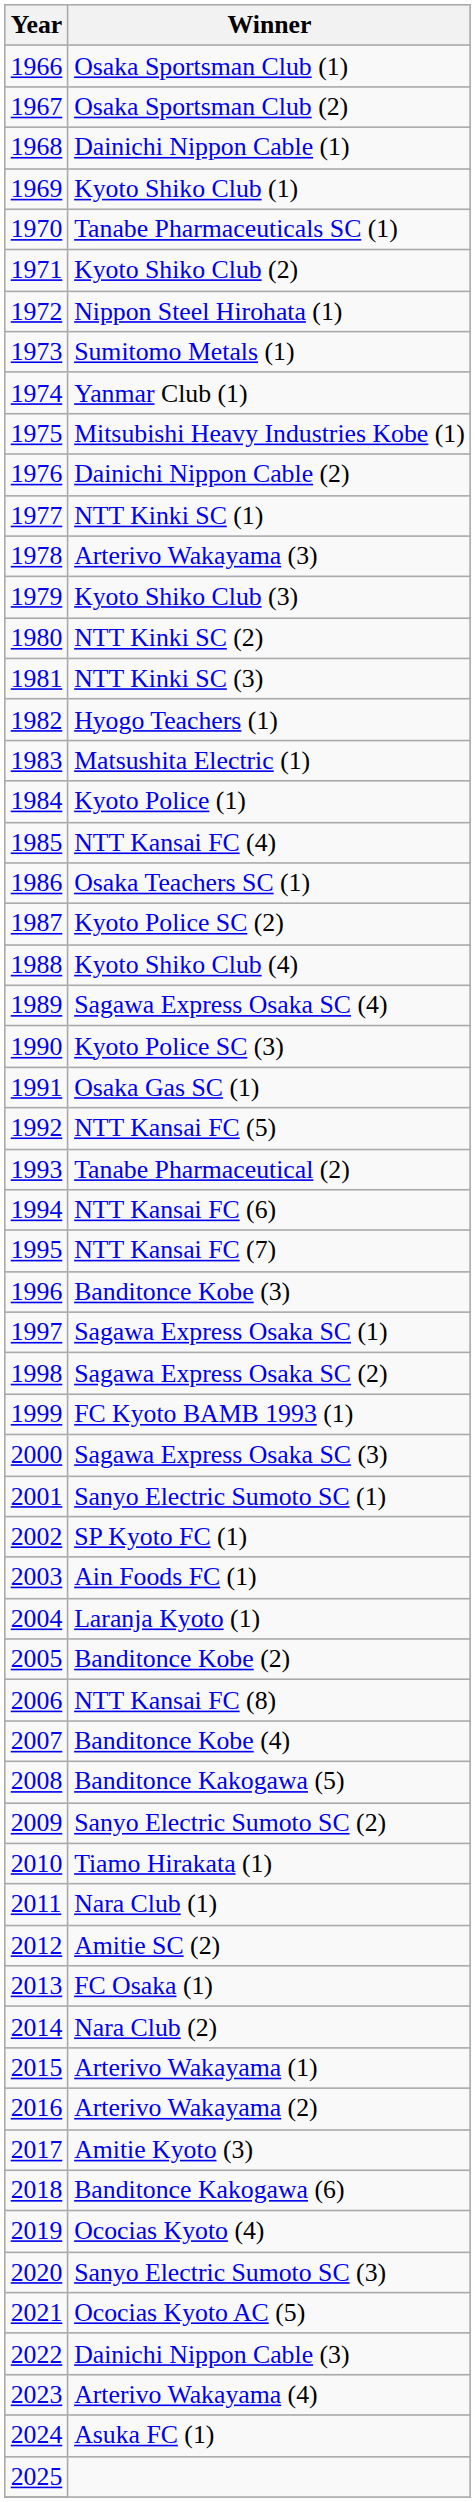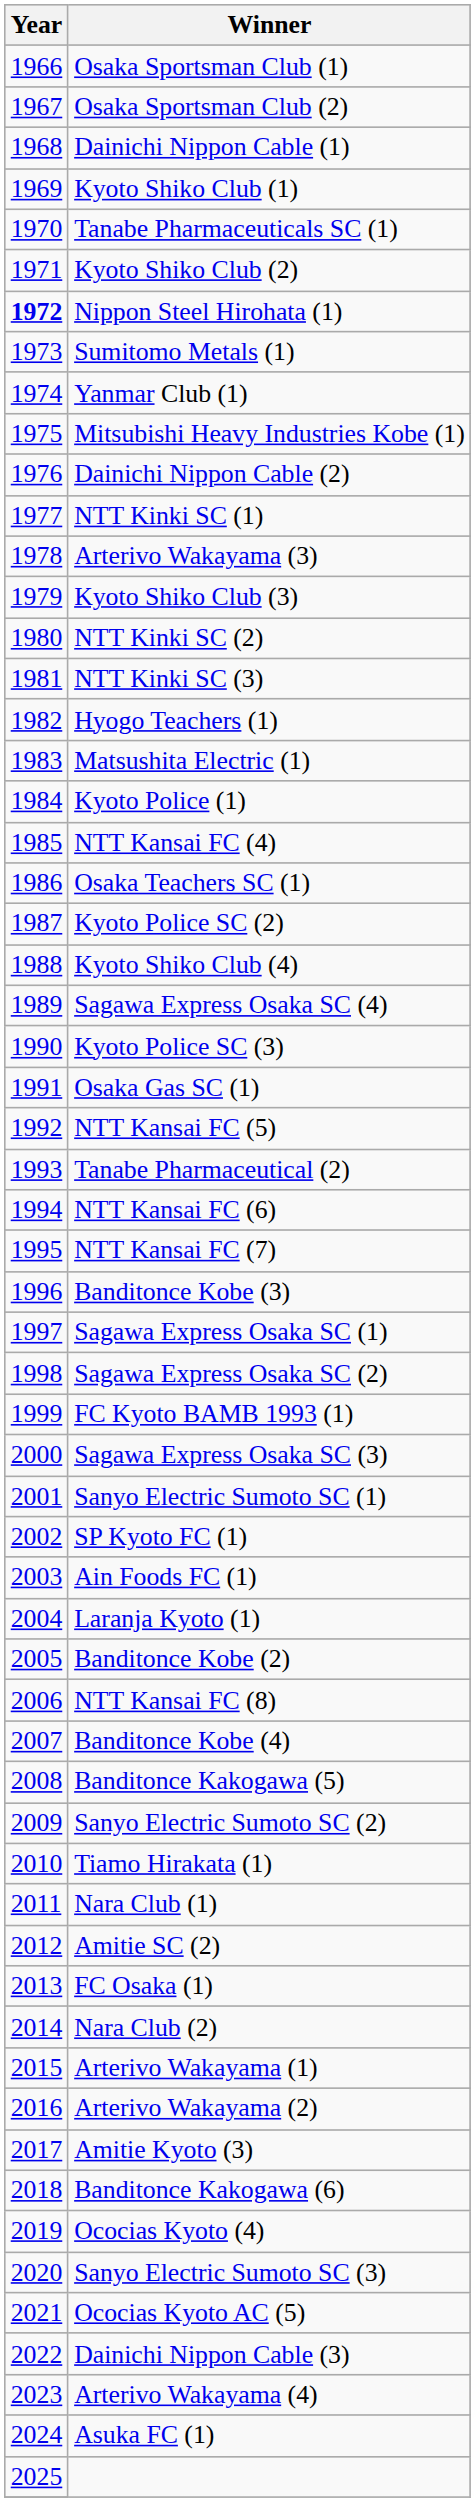 <table class="wikitable">
 <tr>
 <th>Year</th>
 <th>Winner</th>
 </tr>
 <tr>
 <td><a href='#'>1966</a></td>
 <td><a href='#'>Osaka Sportsman Club</a> (1)</td>
 </tr>
 <tr>
 <td><a href='#'>1967</a></td>
 <td><a href='#'>Osaka Sportsman Club</a> (2)</td>
 </tr>
 <tr>
 <td><a href='#'>1968</a></td>
 <td><a href='#'>Dainichi Nippon Cable</a> (1)</td>
 </tr>
 <tr>
 <td><a href='#'>1969</a></td>
 <td><a href='#'>Kyoto Shiko Club</a> (1)</td>
 </tr>
 <tr>
 <td><a href='#'>1970</a></td>
 <td><a href='#'>Tanabe Pharmaceuticals SC</a> (1)</td>
 </tr>
 <tr>
 <td><a href='#'>1971</a></td>
 <td><a href='#'>Kyoto Shiko Club</a> (2)</td>
 </tr>
 <tr>
-<td><a href='#'>1972</a></td>
+<td><strong><a href='#'>1972</a></strong></td>
 <td><a href='#'>Nippon Steel Hirohata</a> (1)</td>
 </tr>
 <tr>
 <td><a href='#'>1973</a></td>
 <td><a href='#'>Sumitomo Metals</a> (1)</td>
 </tr>
 <tr>
 <td><a href='#'>1974</a></td>
 <td><a href='#'>Yanmar</a> Club (1)</td>
 </tr>
 <tr>
 <td><a href='#'>1975</a></td>
 <td><a href='#'>Mitsubishi Heavy Industries Kobe</a> (1)</td>
 </tr>
 <tr>
 <td><a href='#'>1976</a></td>
 <td><a href='#'>Dainichi Nippon Cable</a> (2)</td>
 </tr>
 <tr>
 <td><a href='#'>1977</a></td>
 <td><a href='#'>NTT Kinki SC</a> (1)</td>
 </tr>
 <tr>
 <td><a href='#'>1978</a></td>
 <td><a href='#'>Arterivo Wakayama</a> (3)</td>
 </tr>
 <tr>
 <td><a href='#'>1979</a></td>
 <td><a href='#'>Kyoto Shiko Club</a> (3)</td>
 </tr>
 <tr>
 <td><a href='#'>1980</a></td>
 <td><a href='#'>NTT Kinki SC</a> (2)</td>
 </tr>
 <tr>
 <td><a href='#'>1981</a></td>
 <td><a href='#'>NTT Kinki SC</a> (3)</td>
 </tr>
 <tr>
 <td><a href='#'>1982</a></td>
 <td><a href='#'>Hyogo Teachers</a> (1)</td>
 </tr>
 <tr>
 <td><a href='#'>1983</a></td>
 <td><a href='#'>Matsushita Electric</a> (1)</td>
 </tr>
 <tr>
 <td><a href='#'>1984</a></td>
 <td><a href='#'>Kyoto Police</a> (1)</td>
 </tr>
 <tr>
 <td><a href='#'>1985</a></td>
 <td><a href='#'>NTT Kansai FC</a> (4)</td>
 </tr>
 <tr>
 <td><a href='#'>1986</a></td>
 <td><a href='#'>Osaka Teachers SC</a> (1)</td>
 </tr>
 <tr>
 <td><a href='#'>1987</a></td>
 <td><a href='#'>Kyoto Police SC</a> (2)</td>
 </tr>
 <tr>
 <td><a href='#'>1988</a></td>
 <td><a href='#'>Kyoto Shiko Club</a> (4)</td>
 </tr>
 <tr>
 <td><a href='#'>1989</a></td>
 <td><a href='#'>Sagawa Express Osaka SC</a> (4)</td>
 </tr>
 <tr>
 <td><a href='#'>1990</a></td>
 <td><a href='#'>Kyoto Police SC</a> (3)</td>
 </tr>
 <tr>
 <td><a href='#'>1991</a></td>
 <td><a href='#'>Osaka Gas SC</a> (1)</td>
 </tr>
 <tr>
 <td><a href='#'>1992</a></td>
 <td><a href='#'>NTT Kansai FC</a> (5)</td>
 </tr>
 <tr>
 <td><a href='#'>1993</a></td>
 <td><a href='#'>Tanabe Pharmaceutical</a> (2)</td>
 </tr>
 <tr>
 <td><a href='#'>1994</a></td>
 <td><a href='#'>NTT Kansai FC</a> (6)</td>
 </tr>
 <tr>
 <td><a href='#'>1995</a></td>
 <td><a href='#'>NTT Kansai FC</a> (7)</td>
 </tr>
 <tr>
 <td><a href='#'>1996</a></td>
 <td><a href='#'>Banditonce Kobe</a> (3)</td>
 </tr>
 <tr>
 <td><a href='#'>1997</a></td>
 <td><a href='#'>Sagawa Express Osaka SC</a> (1)</td>
 </tr>
 <tr>
 <td><a href='#'>1998</a></td>
 <td><a href='#'>Sagawa Express Osaka SC</a> (2)</td>
 </tr>
 <tr>
 <td><a href='#'>1999</a></td>
 <td><a href='#'>FC Kyoto BAMB 1993</a> (1)</td>
 </tr>
 <tr>
 <td><a href='#'>2000</a></td>
 <td><a href='#'>Sagawa Express Osaka SC</a> (3)</td>
 </tr>
 <tr>
 <td><a href='#'>2001</a></td>
 <td><a href='#'>Sanyo Electric Sumoto SC</a> (1)</td>
 </tr>
 <tr>
 <td><a href='#'>2002</a></td>
 <td><a href='#'>SP Kyoto FC</a> (1)</td>
 </tr>
 <tr>
 <td><a href='#'>2003</a></td>
 <td><a href='#'>Ain Foods FC</a> (1)</td>
 </tr>
 <tr>
 <td><a href='#'>2004</a></td>
 <td><a href='#'>Laranja Kyoto</a> (1)</td>
 </tr>
 <tr>
 <td><a href='#'>2005</a></td>
 <td><a href='#'>Banditonce Kobe</a> (2)</td>
 </tr>
 <tr>
 <td><a href='#'>2006</a></td>
 <td><a href='#'>NTT Kansai FC</a> (8)</td>
 </tr>
 <tr>
 <td><a href='#'>2007</a></td>
 <td><a href='#'>Banditonce Kobe</a> (4)</td>
 </tr>
 <tr>
 <td><a href='#'>2008</a></td>
 <td><a href='#'>Banditonce Kakogawa</a> (5)</td>
 </tr>
 <tr>
 <td><a href='#'>2009</a></td>
 <td><a href='#'>Sanyo Electric Sumoto SC</a> (2)</td>
 </tr>
 <tr>
 <td><a href='#'>2010</a></td>
 <td><a href='#'>Tiamo Hirakata</a> (1)</td>
 </tr>
 <tr>
 <td><a href='#'>2011</a></td>
 <td><a href='#'>Nara Club</a> (1)</td>
 </tr>
 <tr>
 <td><a href='#'>2012</a></td>
 <td><a href='#'>Amitie SC</a> (2)</td>
 </tr>
 <tr>
 <td><a href='#'>2013</a></td>
 <td><a href='#'>FC Osaka</a> (1)</td>
 </tr>
 <tr>
 <td><a href='#'>2014</a></td>
 <td><a href='#'>Nara Club</a> (2)</td>
 </tr>
 <tr>
 <td><a href='#'>2015</a></td>
 <td><a href='#'>Arterivo Wakayama</a> (1)</td>
 </tr>
 <tr>
 <td><a href='#'>2016</a></td>
 <td><a href='#'>Arterivo Wakayama</a> (2)</td>
 </tr>
 <tr>
 <td><a href='#'>2017</a></td>
 <td><a href='#'>Amitie Kyoto</a> (3)</td>
 </tr>
 <tr>
 <td><a href='#'>2018</a></td>
 <td><a href='#'>Banditonce Kakogawa</a> (6)</td>
 </tr>
 <tr>
 <td><a href='#'>2019</a></td>
 <td><a href='#'>Ococias Kyoto</a> (4)</td>
 </tr>
 <tr>
 <td><a href='#'>2020</a></td>
 <td><a href='#'>Sanyo Electric Sumoto SC</a> (3)</td>
 </tr>
 <tr>
 <td><a href='#'>2021</a></td>
 <td><a href='#'>Ococias Kyoto AC</a> (5)</td>
 </tr>
 <tr>
 <td><a href='#'>2022</a></td>
 <td><a href='#'>Dainichi Nippon Cable</a> (3)</td>
 </tr>
 <tr>
 <td><a href='#'>2023</a></td>
 <td><a href='#'>Arterivo Wakayama</a> (4)</td>
 </tr>
 <tr>
 <td><a href='#'>2024</a></td>
 <td><a href='#'>Asuka FC</a> (1)</td>
 </tr>
 <tr>
 <td><a href='#'>2025</a></td>
 </tr>
 <tr>
 </tr>
 </table>
